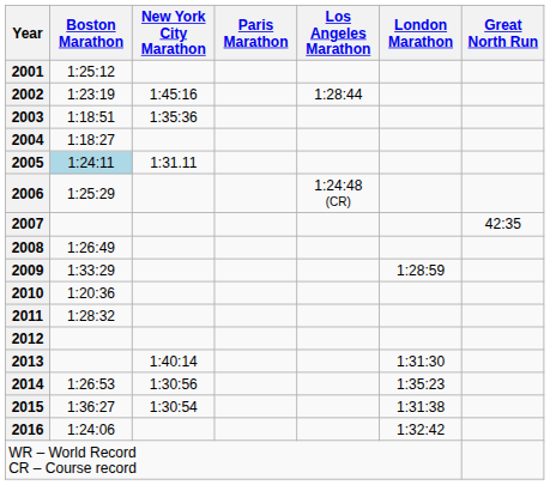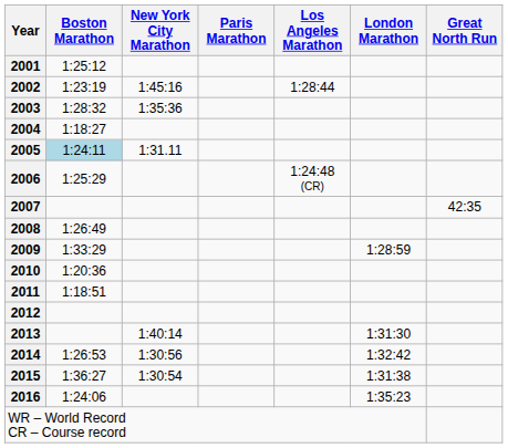 <table class="wikitable" style="font-size:95%; text-align:center;">
 <tr>
 <th style="width:40px;">Year</th>
 <th style="width:80px;"><a href='#'>Boston Marathon</a></th>
 <th style="width:80px;"><a href='#'>New York City Marathon</a></th>
 <th style="width:80px;"><a href='#'>Paris Marathon</a></th>
 <th style="width:80px;"><a href='#'>Los Angeles Marathon</a></th>
 <th style="width:80px;"><a href='#'>London Marathon</a></th>
 <th style="width:80px;"><a href='#'>Great North Run</a></th>
 </tr>
 <tr>
 <th>2001</th>
 <td> 1:25:12</td>
 <td></td>
 <td></td>
 <td></td>
 <td></td>
 <td></td>
 </tr>
 <tr>
 <th>2002</th>
 <td> 1:23:19</td>
 <td> 1:45:16</td>
 <td></td>
 <td> 1:28:44</td>
 <td></td>
 <td></td>
 </tr>
 <tr>
 <th>2003</th>
-<td> 1:18:51</td>
+<td> 1:28:32</td>
 <td> 1:35:36</td>
 <td></td>
 <td></td>
 <td></td>
 <td></td>
 </tr>
 <tr>
 <th>2004</th>
 <td> 1:18:27</td>
 <td></td>
 <td></td>
 <td></td>
 <td></td>
 <td></td>
 </tr>
 <tr [>
 <th>2005</th>
 <td style="background: lightblue;"> 1:24:11</td>
 <td>  1:31.11</td>
 <td> </td>
 <td></td>
 <td></td>
 <td></td>
 </tr>
 <tr>
 <th>2006</th>
 <td>  1:25:29</td>
 <td></td>
 <td></td>
 <td>  1:24:48 <small>(CR)</small></td>
 <td></td>
 <td></td>
 </tr>
 <tr>
 <th>2007</th>
 <td></td>
 <td></td>
 <td></td>
 <td></td>
 <td></td>
 <td>  42:35</td>
 </tr>
 <tr>
 <th>2008</th>
 <td> 1:26:49</td>
 <td></td>
 <td></td>
 <td></td>
 <td></td>
 <td></td>
 </tr>
 <tr>
 <th>2009</th>
 <td> 1:33:29</td>
 <td></td>
 <td></td>
 <td></td>
 <td> 1:28:59</td>
 <td></td>
 </tr>
 <tr>
 <th>2010</th>
 <td> 1:20:36</td>
 <td></td>
 <td></td>
 <td></td>
 <td></td>
 <td></td>
 </tr>
 <tr>
 <th>2011</th>
-<td> 1:28:32</td>
+<td> 1:18:51</td>
 <td></td>
 <td></td>
 <td></td>
 <td></td>
 <td></td>
 </tr>
 <tr>
 <th>2012</th>
 <td></td>
 <td></td>
 <td></td>
 <td></td>
 <td></td>
 <td></td>
 </tr>
 <tr>
 <th>2013</th>
 <td></td>
 <td> 1:40:14</td>
 <td></td>
 <td></td>
 <td> 1:31:30</td>
 <td></td>
 </tr>
 <tr>
 <th>2014</th>
 <td> 1:26:53</td>
 <td> 1:30:56</td>
 <td></td>
 <td></td>
-<td>  1:35:23</td>
+<td> 1:32:42</td>
 <td></td>
 </tr>
 <tr>
 <th>2015</th>
 <td> 1:36:27</td>
 <td> 1:30:54</td>
 <td></td>
 <td></td>
 <td>1:31:38</td>
 <td></td>
 </tr>
 <tr>
 <th>2016</th>
 <td> 1:24:06</td>
 <td></td>
 <td></td>
 <td></td>
-<td> 1:32:42</td>
+<td>  1:35:23</td>
 <td></td>
 </tr>
 <tr>
 <td colspan="6" style="text-align:left;">WR – World Record<br>CR – Course record</td>
 </tr>
 </table>
